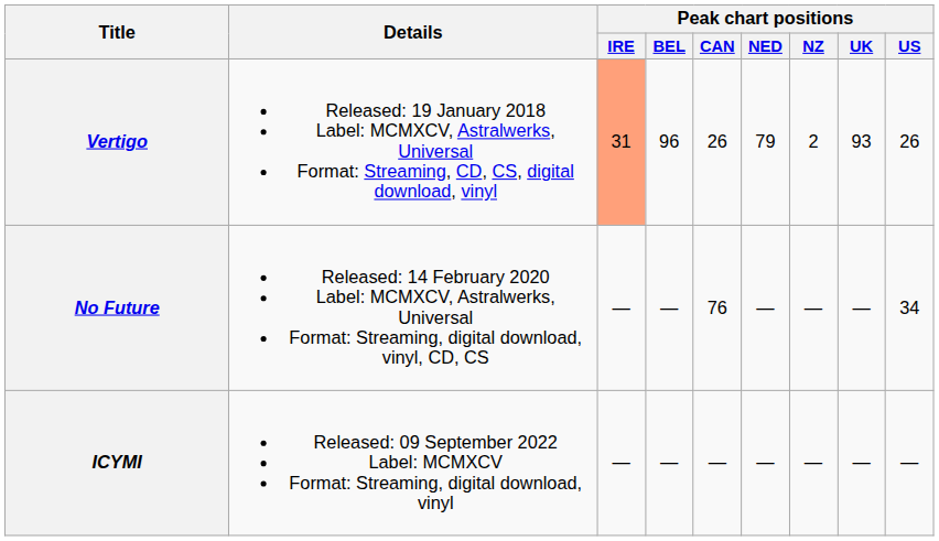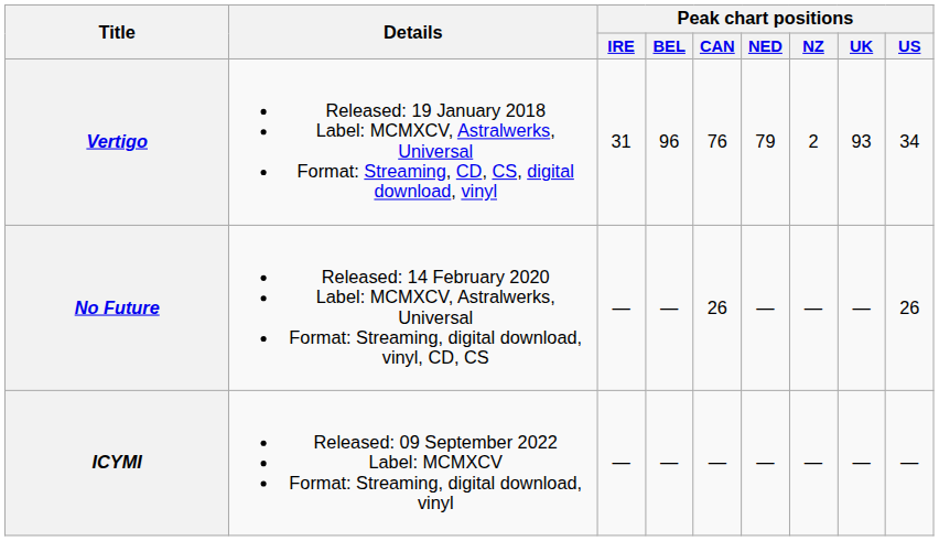 <table class="wikitable plainrowheaders" style="text-align:center;">
 <tr>
 <th scope="col" style="width:12em;" rowspan="2">Title</th>
 <th scope="col" style="width:20em;" rowspan="2">Details</th>
 <th scope="col" colspan="7">Peak chart positions</th>
 </tr>
 <tr>
 <th scope="col" style="width:2.5em;font-size:90%;"><a href='#'>IRE</a><br></th>
 <th scope="col" style="width:2.5em;font-size:90%;"><a href='#'>BEL</a><br></th>
 <th scope="col" style="width:2.5em;font-size:90%;"><a href='#'>CAN</a><br></th>
 <th scope="col" style="width:2.5em;font-size:90%;"><a href='#'>NED</a><br></th>
 <th scope="col" style="width:2.5em;font-size:90%;"><a href='#'>NZ</a><br></th>
 <th scope="col" style="width:2.5em;font-size:90%;"><a href='#'>UK</a><br></th>
 <th scope="col" style="width:2.5em;font-size:90%;"><a href='#'>US</a><br></th>
 </tr>
 <tr>
 <th scope="row"><em><a href='#'>Vertigo</a></em></th>
 <td><br><ul><li>Released: 19 January 2018</li><li>Label: MCMXCV, <a href='#'>Astralwerks</a>, <a href='#'>Universal</a></li><li>Format: <a href='#'>Streaming</a>, <a href='#'>CD</a>, <a href='#'>CS</a>, <a href='#'>digital download</a>, <a href='#'>vinyl</a></li></ul></td>
-<td style="background: lightsalmon;">31</td>
+<td>31</td>
 <td>96</td>
-<td>26</td>
+<td>76</td>
 <td>79</td>
 <td>2</td>
 <td>93</td>
-<td>26<br></td>
+<td>34</td>
 </tr>
 <tr>
 <th scope="row"><em><a href='#'>No Future</a></em></th>
 <td><br><ul><li>Released: 14 February 2020</li><li>Label: MCMXCV, Astralwerks, Universal</li><li>Format: Streaming, digital download, vinyl, CD, CS</li></ul></td>
 <td>—</td>
 <td>—</td>
-<td>76</td>
+<td>26</td>
 <td>—</td>
 <td>—</td>
 <td>—</td>
-<td>34</td>
+<td>26<br></td>
 </tr>
 <tr>
 <th scope="row"><em>ICYMI</em></th>
 <td><br><ul><li>Released: 09 September 2022</li><li>Label: MCMXCV</li><li>Format: Streaming, digital download, vinyl</li></ul></td>
 <td>—</td>
 <td>—</td>
 <td>—</td>
 <td>—</td>
 <td>—</td>
 <td>—</td>
 <td>—</td>
 </tr>
 </table>
